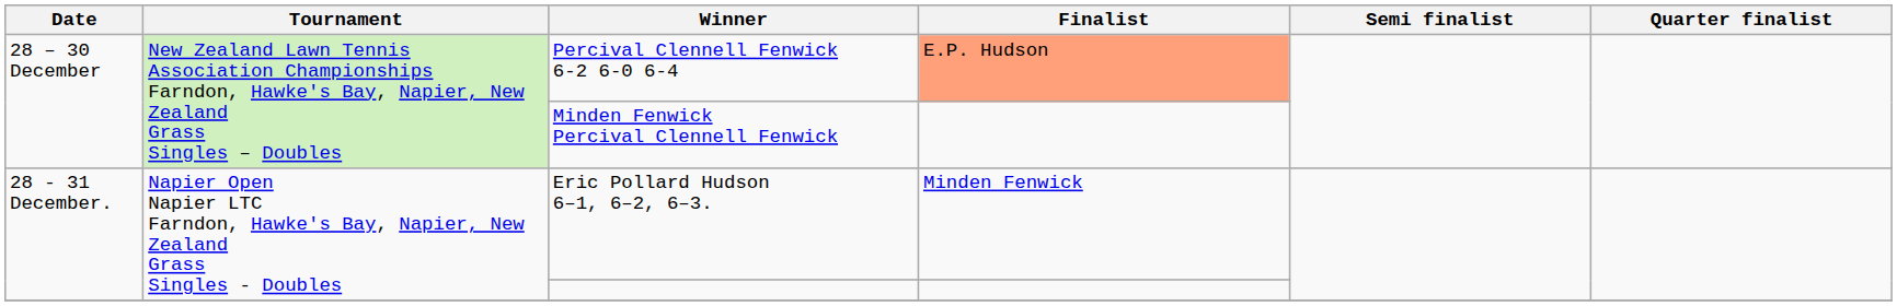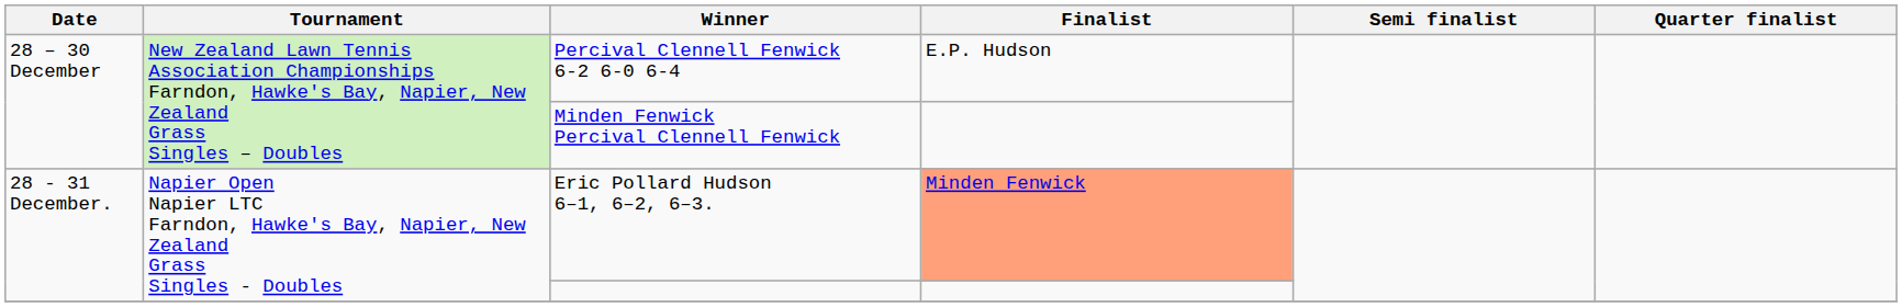 <table class="wikitable" style="font-size:85%;">
 <tr>
 <th width="75">Date</th>
 <th width="230">Tournament</th>
 <th width="210">Winner</th>
 <th width="210">Finalist</th>
 <th width="170">Semi finalist</th>
 <th width="170">Quarter finalist</th>
 </tr>
 <tr valign=top>
 <td rowspan=2>28 – 30 December</td>
 <td style="background:#d0f0c0" rowspan=2><a href='#'>New Zealand Lawn Tennis Association Championships </a><br>Farndon, <a href='#'>Hawke's Bay</a>, <a href='#'>Napier, New Zealand</a><br><a href='#'>Grass</a><br><a href='#'>Singles</a> – <a href='#'>Doubles</a></td>
 <td> <a href='#'>Percival Clennell Fenwick</a><br>6-2 6-0 6-4</td>
-<td style="background: lightsalmon;"> E.P. Hudson</td>
+<td> E.P. Hudson</td>
 <td rowspan=2></td>
 <td rowspan=2></td>
 </tr>
 <tr valign=top>
 <td> <a href='#'>Minden Fenwick</a><br> <a href='#'>Percival Clennell Fenwick</a><br></td>
 <td></td>
 </tr>
 <tr valign=top>
 <td rowspan=2>28 - 31 December.</td>
 <td rowspan=2><a href='#'>Napier Open</a><br>Napier LTC<br>Farndon, <a href='#'>Hawke's Bay</a>, <a href='#'>Napier, New Zealand</a><br><a href='#'>Grass</a><br><a href='#'>Singles</a> - <a href='#'>Doubles</a></td>
 <td> Eric Pollard Hudson<br> 6–1, 6–2, 6–3.</td>
-<td> <a href='#'>Minden Fenwick</a></td>
+<td style="background: lightsalmon;"> <a href='#'>Minden Fenwick</a></td>
 <td rowspan=2></td>
 <td rowspan=2></td>
 </tr>
 <tr valign=top>
 <td></td>
 <td></td>
 </tr>
 <tr valign=top>
 </tr>
 </table>
